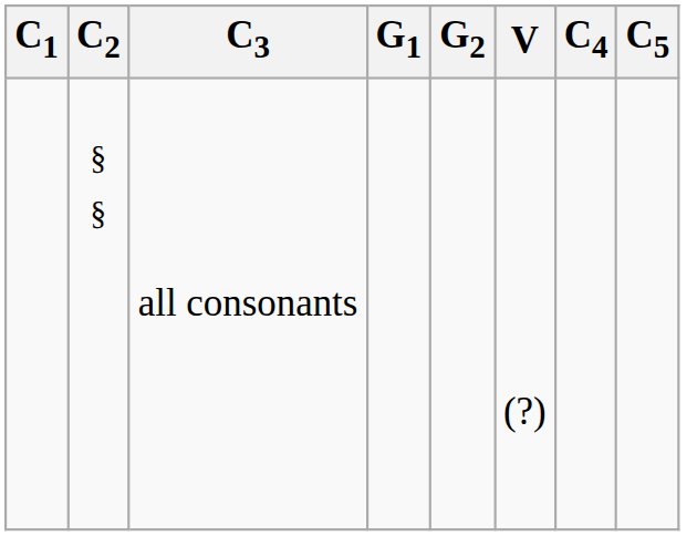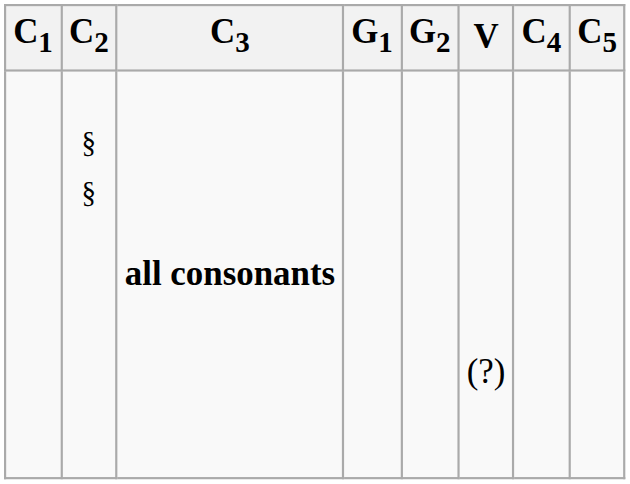 <table class="wikitable" style=text-align:center>
 <tr>
 <th>C<sub>1</sub></th>
 <th>C<sub>2</sub></th>
 <th>C<sub>3</sub></th>
 <th>G<sub>1</sub></th>
 <th>G<sub>2</sub></th>
 <th>V</th>
 <th>C<sub>4</sub></th>
 <th>C<sub>5</sub></th>
 </tr>
 <tr>
 <td> </td>
 <td><sup>§</sup><br><sup>§</sup><br><br><br><br><br><br></td>
-<td>all consonants</td>
+<td><strong>all consonants</strong></td>
 <td><br></td>
 <td></td>
 <td><br><br><br><br><br>(?)<br></td>
 <td><br><br><br><br><br><br><br> <br><br><br></td>
 <td><br></td>
 </tr>
 </table>
